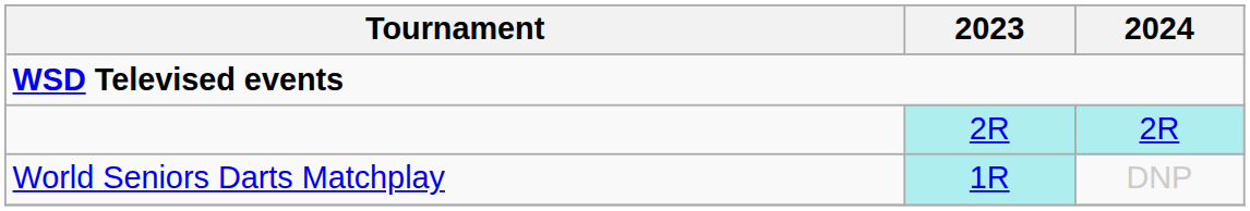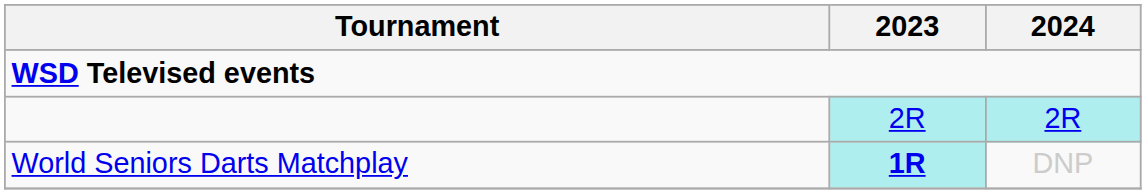 <table class="wikitable" style="width:50%; margin:0">
 <tr>
 <th>Tournament</th>
 <th>2023</th>
 <th>2024</th>
 </tr>
 <tr>
 <td colspan="20" align="left"><strong><a href='#'>WSD</a> Televised events</strong></td>
 </tr>
 <tr>
 <td align=left></td>
 <td style="text-align:center; background:#afeeee;"><a href='#'>2R</a></td>
 <td style="text-align:center; background:#afeeee;"><a href='#'>2R</a></td>
 </tr>
 <tr>
 <td align=left><a href='#'>World Seniors Darts Matchplay</a></td>
-<td style="text-align:center; background:#afeeee;"><a href='#'>1R</a></td>
+<td style="text-align:center; background:#afeeee;"><strong><a href='#'>1R</a></strong></td>
 <td style="text-align:center; color:#ccc;">DNP</td>
 </tr>
 <tr>
 </tr>
 </table>
